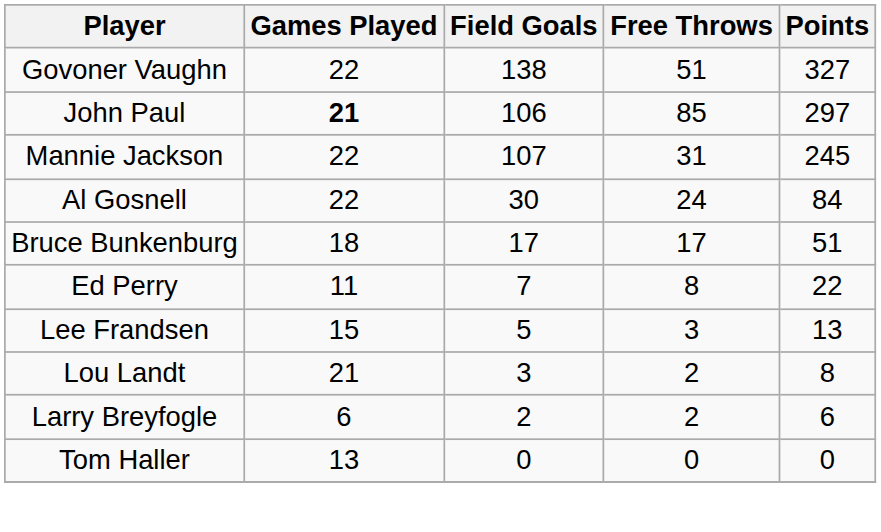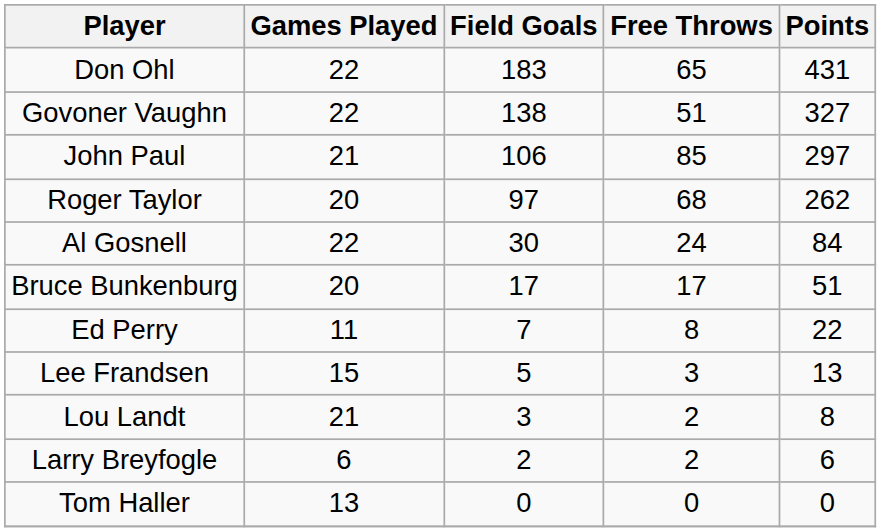 <table class="wikitable sortable">
 <tr>
 <th>Player</th>
 <th>Games Played</th>
 <th>Field Goals</th>
 <th>Free Throws</th>
 <th>Points</th>
+</tr>
+<tr align="center" bgcolor="">
+<td>Don Ohl</td>
+<td>22</td>
+<td>183</td>
+<td>65</td>
+<td>431</td>
 </tr>
 <tr align="center" bgcolor="">
 <td>Govoner Vaughn</td>
 <td>22</td>
 <td>138</td>
 <td>51</td>
 <td>327</td>
 </tr>
 <tr align="center" bgcolor="">
 <td>John Paul</td>
-<td><strong>21</strong></td>
+<td>21</td>
 <td>106</td>
 <td>85</td>
 <td>297</td>
 </tr>
 <tr align="center" bgcolor="">
-<td>Mannie Jackson</td>
-<td>22</td>
-<td>107</td>
-<td>31</td>
-<td>245</td>
+<td>Roger Taylor</td>
+<td>20</td>
+<td>97</td>
+<td>68</td>
+<td>262</td>
 </tr>
 <tr align="center" bgcolor="">
 <td>Al Gosnell</td>
 <td>22</td>
 <td>30</td>
 <td>24</td>
 <td>84</td>
 </tr>
 <tr align="center" bgcolor="">
 <td>Bruce Bunkenburg</td>
-<td>18</td>
+<td>20</td>
 <td>17</td>
 <td>17</td>
 <td>51</td>
 </tr>
 <tr align="center" bgcolor="">
 <td>Ed Perry</td>
 <td>11</td>
 <td>7</td>
 <td>8</td>
 <td>22</td>
 </tr>
 <tr align="center" bgcolor="">
 <td>Lee Frandsen</td>
 <td>15</td>
 <td>5</td>
 <td>3</td>
 <td>13</td>
 </tr>
 <tr align="center" bgcolor="">
 <td>Lou Landt</td>
 <td>21</td>
 <td>3</td>
 <td>2</td>
 <td>8</td>
 </tr>
 <tr align="center" bgcolor="">
 <td>Larry Breyfogle</td>
 <td>6</td>
 <td>2</td>
 <td>2</td>
 <td>6</td>
 </tr>
 <tr align="center" bgcolor="">
 <td>Tom Haller</td>
 <td>13</td>
 <td>0</td>
 <td>0</td>
 <td>0</td>
 </tr>
 <tr align="center" bgcolor="">
 </tr>
 </table>
